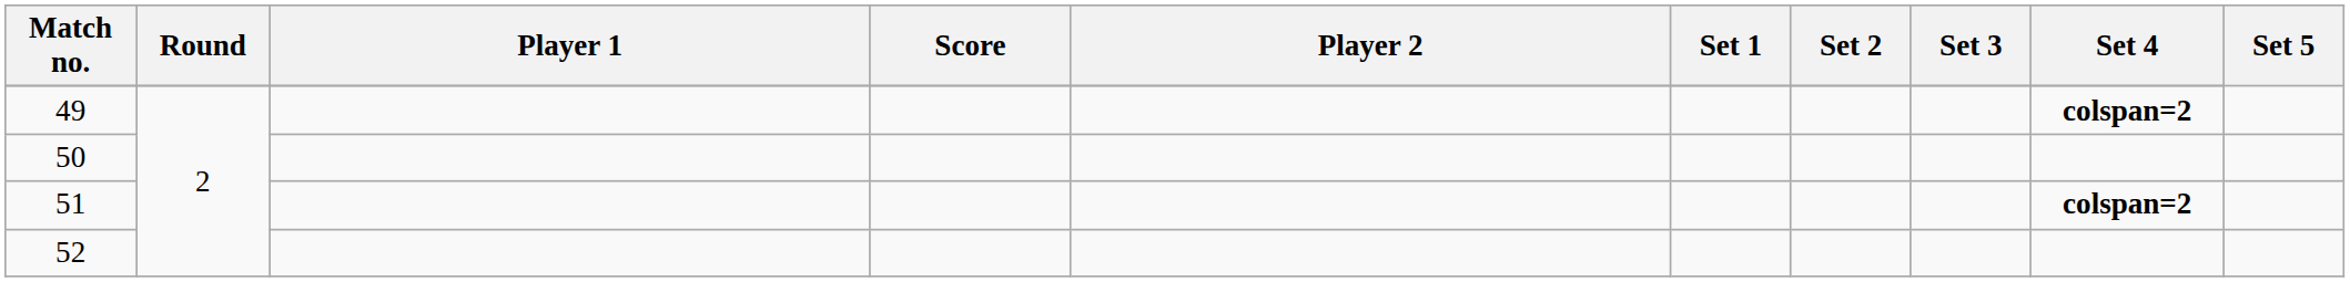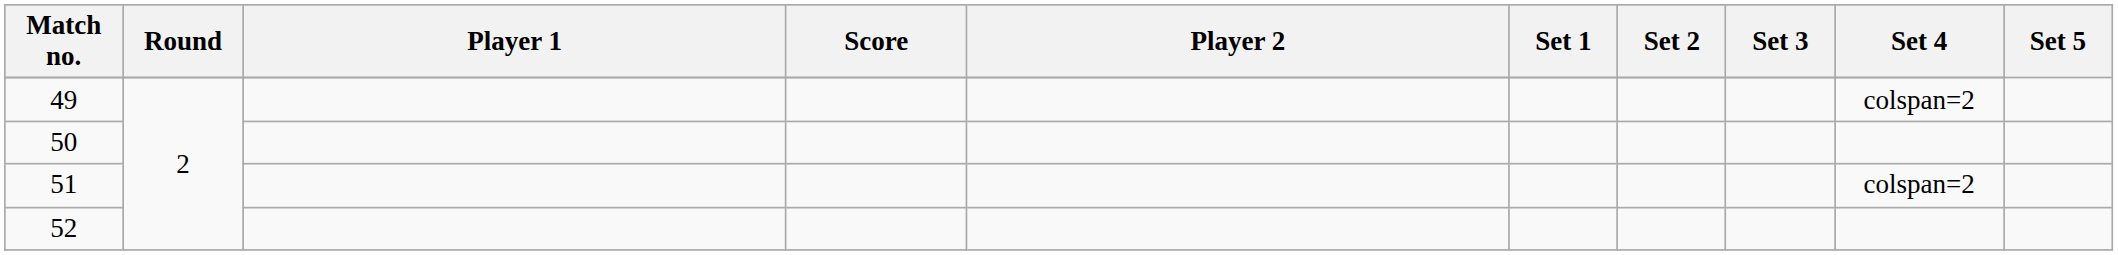 <table class="wikitable" style="text-align: center;">
 <tr>
 <th width="2%">Match no.</th>
 <th width="2%">Round</th>
 <th width="15%">Player 1</th>
 <th width="5%">Score</th>
 <th width="15%">Player 2</th>
 <th width="3%">Set 1</th>
 <th width="3%">Set 2</th>
 <th width="3%">Set 3</th>
 <th width="3%">Set 4</th>
 <th width="3%">Set 5</th>
 </tr>
 <tr>
 </tr>
 <tr style=text-align:center;>
 <td>49</td>
 <td rowspan=4>2</td>
 <td></td>
 <td></td>
 <td></td>
 <td></td>
 <td></td>
 <td></td>
-<td><strong>colspan=2</strong></td>
+<td>colspan=2</td>
 </tr>
 <tr style=text-align:center;>
 <td>50</td>
 <td></td>
 <td></td>
 <td></td>
 <td></td>
 <td></td>
 <td></td>
 <td></td>
 <td></td>
 </tr>
 <tr style=text-align:center;>
 <td>51</td>
 <td></td>
 <td></td>
 <td></td>
 <td></td>
 <td></td>
 <td></td>
-<td><strong>colspan=2</strong></td>
+<td>colspan=2</td>
 </tr>
 <tr style=text-align:center;>
 <td>52</td>
 <td></td>
 <td></td>
 <td></td>
 <td></td>
 <td></td>
 <td></td>
 <td></td>
 <td></td>
 </tr>
 </table>
